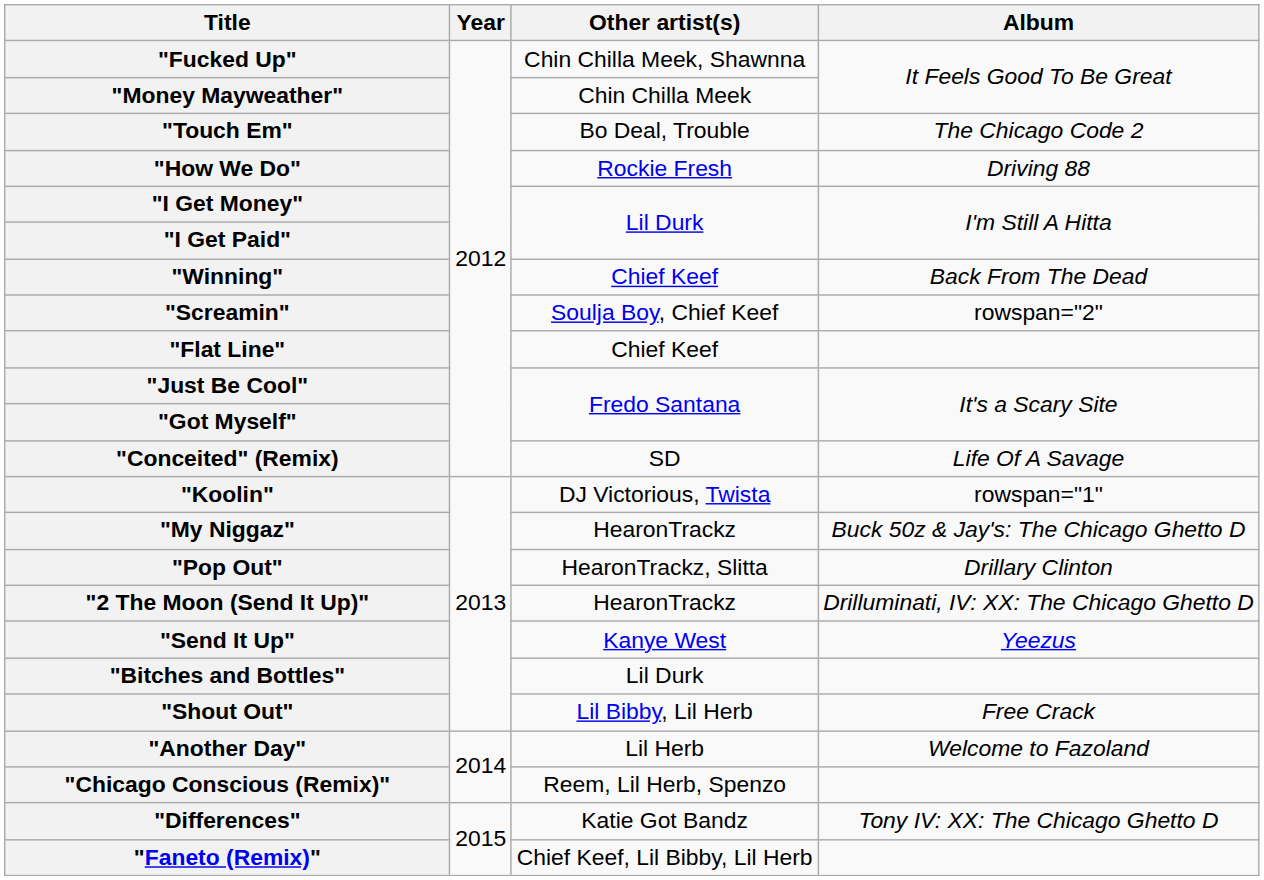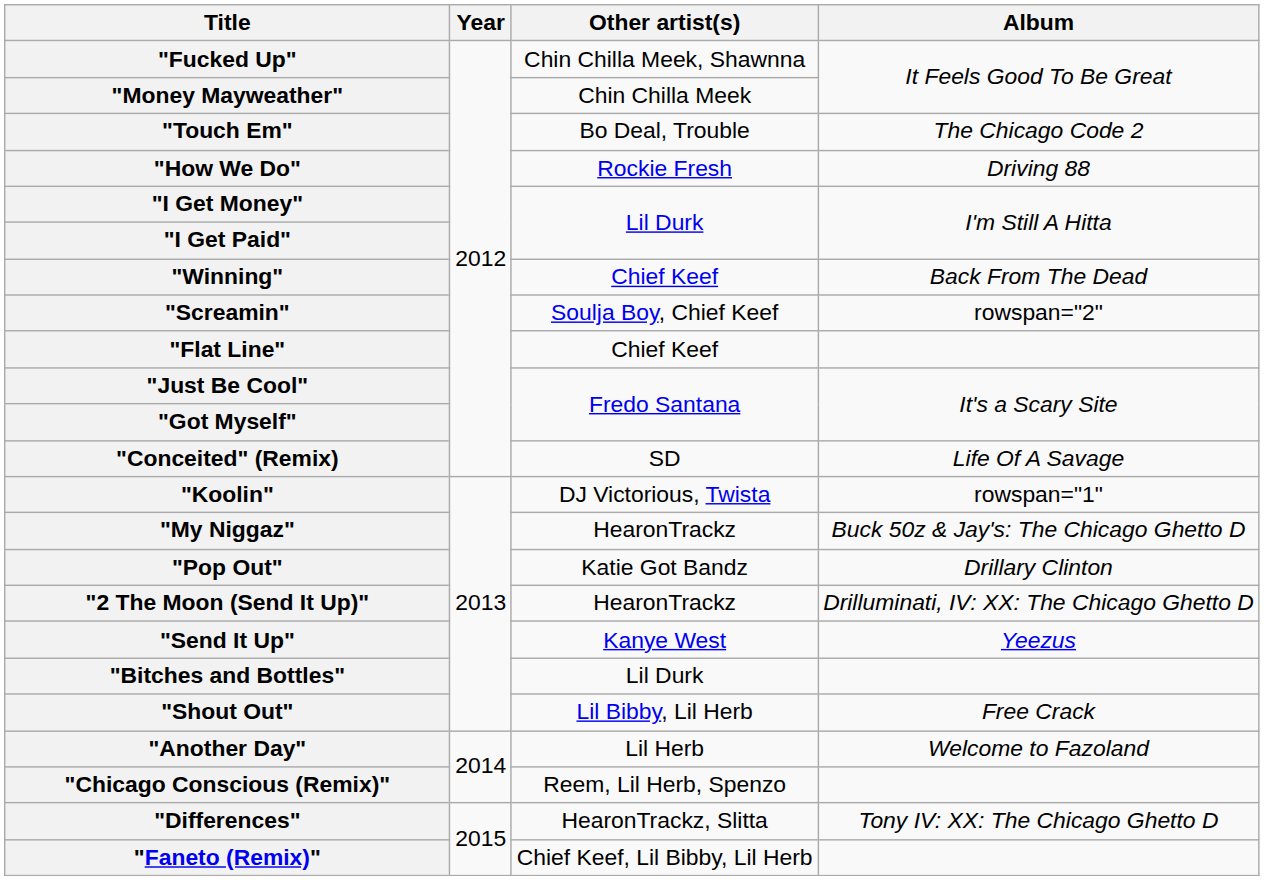 <table class="wikitable plainrowheaders" style="text-align:center;">
 <tr>
 <th scope="col" style="width:19em;">Title</th>
 <th scope="col">Year</th>
 <th scope="col">Other artist(s)</th>
 <th scope="col">Album</th>
 </tr>
 <tr>
 <th scope="row">"Fucked Up"</th>
 <td rowspan="12">2012</td>
 <td>Chin Chilla Meek, Shawnna</td>
 <td rowspan="2"><em>It Feels Good To Be Great</em></td>
 </tr>
 <tr zuse ER>
 <th scope="row">"Money Mayweather"</th>
 <td>Chin Chilla Meek</td>
 </tr>
 <tr>
 <th scope="row">"Touch Em"</th>
 <td>Bo Deal, Trouble</td>
 <td><em>The Chicago Code 2</em></td>
 </tr>
 <tr>
 <th scope="row">"How We Do"</th>
 <td><a href='#'>Rockie Fresh</a></td>
 <td><em>Driving 88</em></td>
 </tr>
 <tr>
 <th scope="row">"I Get Money"</th>
 <td rowspan="2"><a href='#'>Lil Durk</a></td>
 <td rowspan="2"><em>I'm Still A Hitta</em></td>
 </tr>
 <tr>
 <th scope="row">"I Get Paid"</th>
 </tr>
 <tr>
 <th scope="row">"Winning"</th>
 <td><a href='#'>Chief Keef</a></td>
 <td><em>Back From The Dead</em></td>
 </tr>
 <tr>
 <th scope="row">"Screamin"</th>
 <td><a href='#'>Soulja Boy</a>, Chief Keef</td>
 <td>rowspan="2" </td>
 </tr>
 <tr>
 <th scope="row">"Flat Line"</th>
 <td>Chief Keef</td>
 </tr>
 <tr>
 <th scope="row">"Just Be Cool"</th>
 <td rowspan="2"><a href='#'>Fredo Santana</a></td>
 <td rowspan="2"><em>It's a Scary Site</em></td>
 </tr>
 <tr>
 <th scope="row">"Got Myself"</th>
 </tr>
 <tr>
 <th scope="row">"Conceited" (Remix)</th>
 <td>SD</td>
 <td><em>Life Of A Savage</em></td>
 </tr>
 <tr>
 <th scope="row">"Koolin"</th>
 <td rowspan="7">2013</td>
 <td>DJ Victorious, <a href='#'>Twista</a></td>
 <td>rowspan="1" </td>
 </tr>
 <tr>
 <th scope="row">"My Niggaz"</th>
 <td>HearonTrackz</td>
 <td><em>Buck 50z & Jay's: The Chicago Ghetto D</em></td>
 </tr>
 <tr>
 <th scope="row">"Pop Out"</th>
-<td>HearonTrackz, Slitta</td>
+<td>Katie Got Bandz</td>
 <td><em>Drillary Clinton</em></td>
 </tr>
 <tr>
 <th scope="row">"2 The Moon (Send It Up)"</th>
 <td>HearonTrackz</td>
 <td><em>Drilluminati, IV: XX: The Chicago Ghetto D</em></td>
 </tr>
 <tr>
 <th scope="row">"Send It Up"</th>
 <td><a href='#'>Kanye West</a></td>
 <td><em><a href='#'>Yeezus</a></em></td>
 </tr>
 <tr>
 <th scope="row">"Bitches and Bottles"</th>
 <td>Lil Durk</td>
 <td></td>
 </tr>
 <tr>
 <th scope="row">"Shout Out"</th>
 <td><a href='#'>Lil Bibby</a>, Lil Herb</td>
 <td><em>Free Crack</em></td>
 </tr>
 <tr>
 <th scope="row">"Another Day"</th>
 <td rowspan="2">2014</td>
 <td>Lil Herb</td>
 <td><em>Welcome to Fazoland</em></td>
 </tr>
 <tr>
 <th scope="row">"Chicago Conscious (Remix)"</th>
 <td>Reem, Lil Herb, Spenzo</td>
 <td></td>
 </tr>
 <tr>
 <th scope="row">"Differences"</th>
 <td rowspan="3">2015</td>
-<td>Katie Got Bandz</td>
+<td>HearonTrackz, Slitta</td>
 <td><em>Tony IV: XX: The Chicago Ghetto D</em></td>
 </tr>
 <tr>
 <th scope="row">"<a href='#'>Faneto (Remix)</a>"</th>
 <td>Chief Keef, Lil Bibby, Lil Herb</td>
 <td></td>
 </tr>
 </table>
